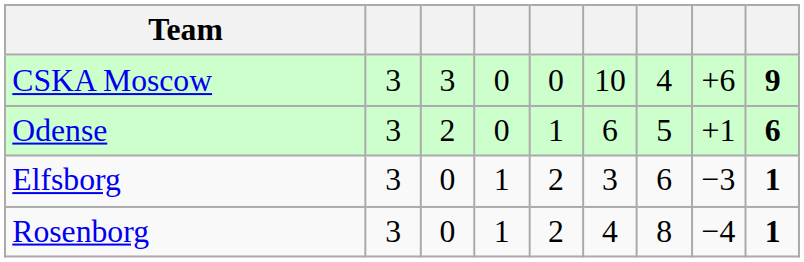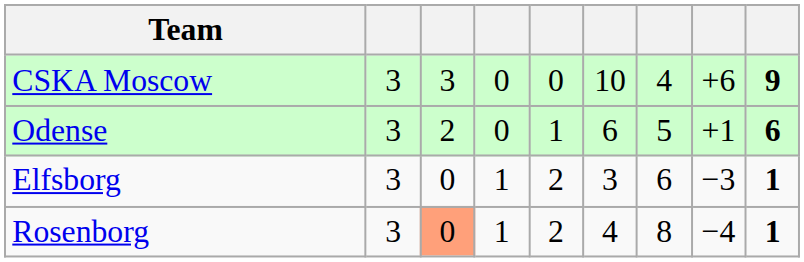 <table class="wikitable" style="text-align: center;">
 <tr>
 <th width=175>Team</th>
 <th width=20></th>
 <th width=20></th>
 <th width=20></th>
 <th width=20></th>
 <th width=20></th>
 <th width=20></th>
 <th width=20></th>
 <th width=20></th>
 </tr>
 <tr bgcolor="ccffcc">
 <td align=left> <a href='#'>CSKA Moscow</a></td>
 <td>3</td>
 <td>3</td>
 <td>0</td>
 <td>0</td>
 <td>10</td>
 <td>4</td>
 <td>+6</td>
 <td><strong>9</strong></td>
 </tr>
 <tr bgcolor="ccffcc">
 <td align=left> <a href='#'>Odense</a></td>
 <td>3</td>
 <td>2</td>
 <td>0</td>
 <td>1</td>
 <td>6</td>
 <td>5</td>
 <td>+1</td>
 <td><strong>6</strong></td>
 </tr>
 <tr>
 <td align=left> <a href='#'>Elfsborg</a></td>
 <td>3</td>
 <td>0</td>
 <td>1</td>
 <td>2</td>
 <td>3</td>
 <td>6</td>
 <td>−3</td>
 <td><strong>1</strong></td>
 </tr>
 <tr>
 <td align=left> <a href='#'>Rosenborg</a></td>
 <td>3</td>
-<td>0</td>
+<td style="background: lightsalmon;">0</td>
 <td>1</td>
 <td>2</td>
 <td>4</td>
 <td>8</td>
 <td>−4</td>
 <td><strong>1</strong></td>
 </tr>
 </table>
